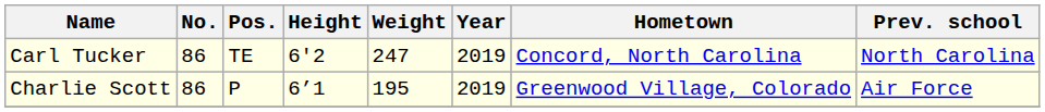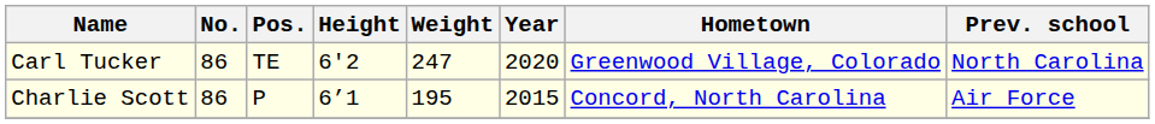 <table class="wikitable sortable">
 <tr>
 <th>Name</th>
 <th>No.</th>
 <th>Pos.</th>
 <th>Height</th>
 <th>Weight</th>
 <th>Year</th>
 <th>Hometown</th>
 <th class="unsortable">Prev. school</th>
 </tr>
 <tr style="background:#FFFFE6;">
 <td>Carl Tucker</td>
 <td>86</td>
 <td>TE</td>
 <td>6'2</td>
 <td>247</td>
-<td>2019</td>
-<td><a href='#'>Concord, North Carolina</a></td>
+<td>2020</td>
+<td><a href='#'>Greenwood Village, Colorado</a></td>
 <td><a href='#'>North Carolina</a></td>
 </tr>
 <tr style="background:#FFFFE6;">
 <td>Charlie Scott</td>
 <td>86</td>
 <td>P</td>
 <td>6’1</td>
 <td>195</td>
-<td>2019</td>
-<td><a href='#'>Greenwood Village, Colorado</a></td>
+<td>2015</td>
+<td><a href='#'>Concord, North Carolina</a></td>
 <td><a href='#'>Air Force</a></td>
 </tr>
 <tr>
 </tr>
 </table>
